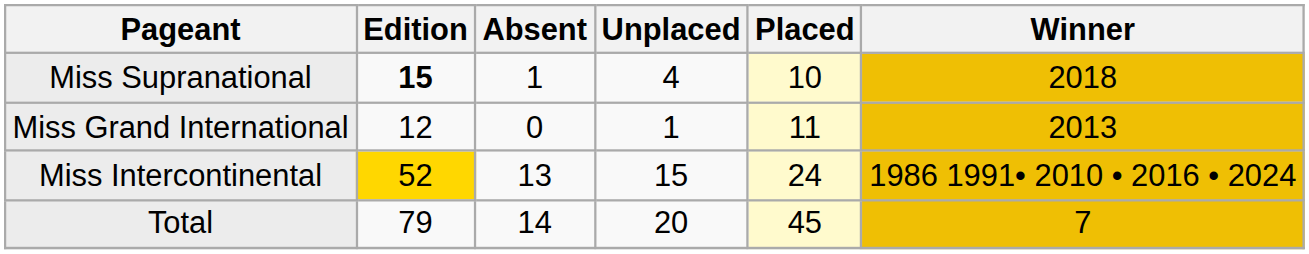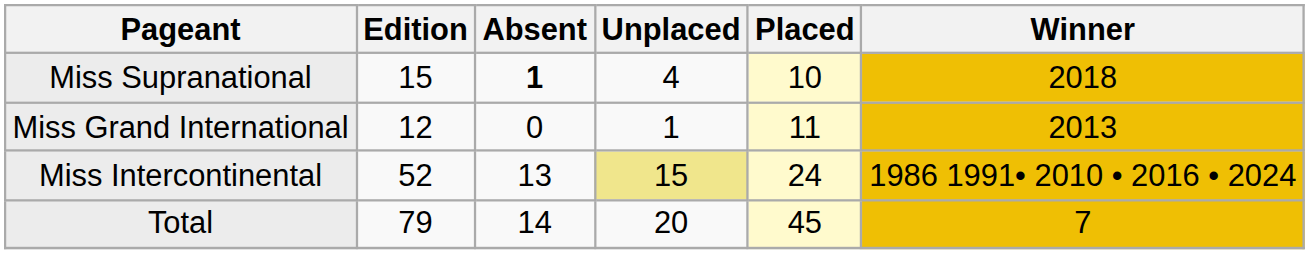 <table class="wikitable " style="font-size: 85%; text-align:center;">
 <tr>
 <th>Pageant</th>
 <th>Edition</th>
 <th>Absent</th>
 <th>Unplaced</th>
 <th>Placed</th>
 <th>Winner</th>
 </tr>
 <tr>
 <td bgcolor="#ececec">Miss Supranational</td>
-<td><strong>15</strong></td>
-<td>1</td>
+<td>15</td>
+<td><strong>1</strong></td>
 <td>4</td>
 <td bgcolor="#FFFACD">10</td>
 <td bgcolor="#efbf04"> 2018</td>
 </tr>
 <tr>
 <td bgcolor="#ececec">Miss Grand International</td>
 <td>12</td>
 <td>0</td>
 <td>1</td>
 <td bgcolor="#FFFACD">11</td>
 <td bgcolor="#efbf04"> 2013</td>
 </tr>
 <tr>
 <td bgcolor="#ececec">Miss Intercontinental</td>
-<td style="background: gold;">52</td>
+<td>52</td>
 <td>13</td>
-<td>15</td>
+<td style="background: khaki;">15</td>
 <td bgcolor="#FFFACD">24</td>
 <td bgcolor="#efbf04"> 1986 1991• 2010 • 2016 • 2024</td>
 </tr>
 <tr>
 <td bgcolor="#ececec">Total</td>
 <td>79</td>
 <td>14</td>
 <td>20</td>
 <td bgcolor="#FFFACD">45</td>
 <td bgcolor="#efbf04">7</td>
 </tr>
 <tr>
 </tr>
 </table>
